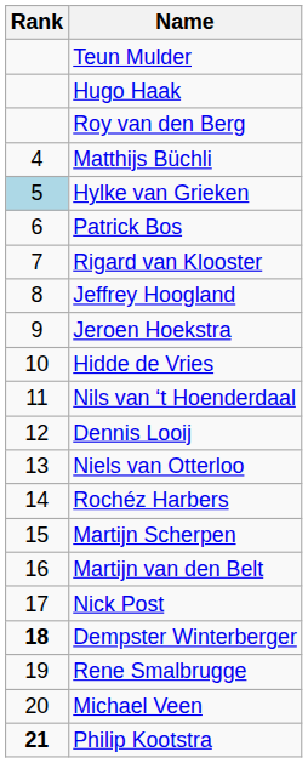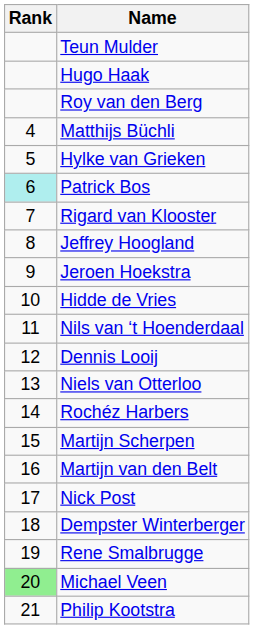 <table class="wikitable sortable" style="text-align:center">
 <tr>
 <th>Rank</th>
 <th>Name</th>
 </tr>
 <tr>
 <td></td>
 <td align=left><a href='#'>Teun Mulder</a></td>
 </tr>
 <tr>
 <td></td>
 <td align=left><a href='#'>Hugo Haak</a></td>
 </tr>
 <tr>
 <td></td>
 <td align=left><a href='#'>Roy van den Berg</a></td>
 </tr>
 <tr>
 <td>4</td>
 <td align=left><a href='#'>Matthijs Büchli</a></td>
 </tr>
 <tr>
-<td style="background: lightblue;">5</td>
+<td>5</td>
 <td align=left><a href='#'>Hylke van Grieken</a></td>
 </tr>
 <tr>
-<td>6</td>
+<td style="background: paleturquoise;">6</td>
 <td align=left><a href='#'>Patrick Bos</a></td>
 </tr>
 <tr>
 <td>7</td>
 <td align=left><a href='#'>Rigard van Klooster</a></td>
 </tr>
 <tr>
 <td>8</td>
 <td align=left><a href='#'>Jeffrey Hoogland</a></td>
 </tr>
 <tr>
 <td>9</td>
 <td align=left><a href='#'>Jeroen Hoekstra</a></td>
 </tr>
 <tr>
 <td>10</td>
 <td align=left><a href='#'>Hidde de Vries</a></td>
 </tr>
 <tr>
 <td>11</td>
 <td align=left><a href='#'>Nils van ‘t Hoenderdaal</a></td>
 </tr>
 <tr>
 <td>12</td>
 <td align=left><a href='#'>Dennis Looij</a></td>
 </tr>
 <tr>
 <td>13</td>
 <td align=left><a href='#'>Niels van Otterloo</a></td>
 </tr>
 <tr>
 <td>14</td>
 <td align=left><a href='#'>Rochéz Harbers</a></td>
 </tr>
 <tr>
 <td>15</td>
 <td align=left><a href='#'>Martijn Scherpen</a></td>
 </tr>
 <tr>
 <td>16</td>
 <td align=left><a href='#'>Martijn van den Belt</a></td>
 </tr>
 <tr>
 <td>17</td>
 <td align=left><a href='#'>Nick Post</a></td>
 </tr>
 <tr>
-<td><strong>18</strong></td>
+<td>18</td>
 <td align=left><a href='#'>Dempster Winterberger</a></td>
 </tr>
 <tr>
 <td>19</td>
 <td align=left><a href='#'>Rene Smalbrugge</a></td>
 </tr>
 <tr>
-<td>20</td>
+<td style="background: lightgreen;">20</td>
 <td align=left><a href='#'>Michael Veen</a></td>
 </tr>
 <tr>
-<td><strong>21</strong></td>
+<td>21</td>
 <td align=left><a href='#'>Philip Kootstra</a></td>
 </tr>
 </table>
